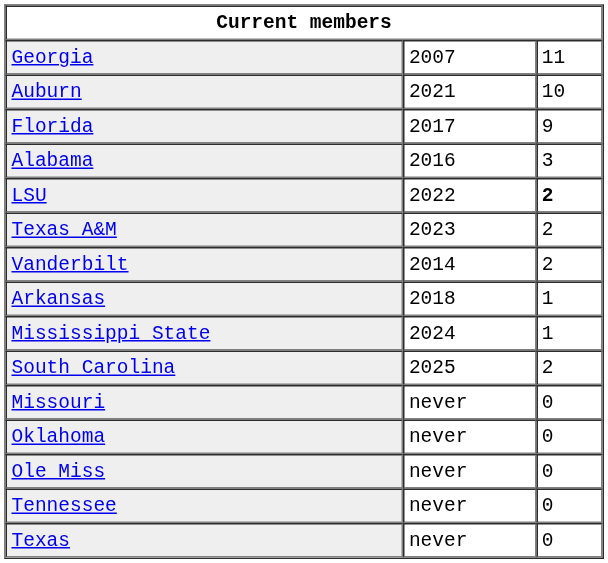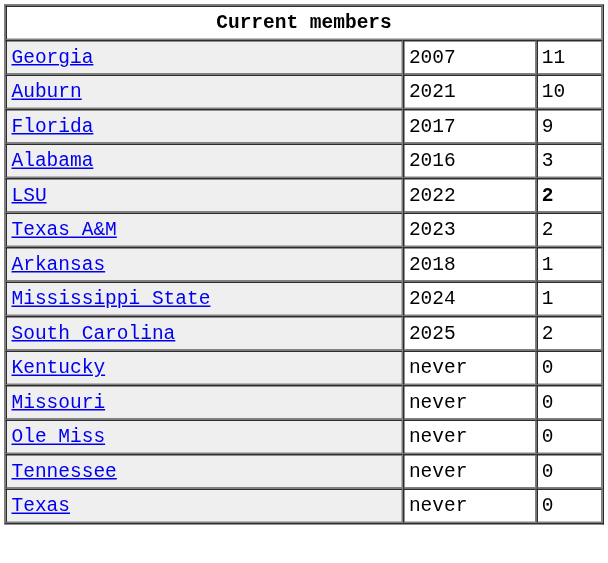 <table border="1" cellpadding="3" cellspacing="0" align="right" width="400px">
 <tr>
 </tr>
 <tr>
 <td colspan=3 align="center"><strong>Current members</strong></td>
 </tr>
 <tr>
 <td bgcolor="#efefef"><a href='#'>Georgia</a></td>
 <td>2007</td>
 <td>11</td>
 </tr>
 <tr>
 <td bgcolor="#efefef"><a href='#'>Auburn</a></td>
 <td>2021</td>
 <td>10</td>
 </tr>
 <tr>
 <td bgcolor="#efefef"><a href='#'>Florida</a></td>
 <td>2017</td>
 <td>9</td>
 </tr>
 <tr>
 <td bgcolor="#efefef"><a href='#'>Alabama</a></td>
 <td>2016</td>
 <td>3</td>
 </tr>
 <tr>
 <td bgcolor=#efefef><a href='#'>LSU</a></td>
 <td>2022</td>
 <td><strong>2</strong></td>
 </tr>
 <tr>
 <td bgcolor="#efefef"><a href='#'>Texas A&M</a></td>
 <td>2023</td>
 <td>2</td>
 </tr>
 <tr>
-<td bgcolor="#efefef"><a href='#'>Vanderbilt</a></td>
-<td>2014</td>
-<td>2</td>
-</tr>
-<tr>
 <td bgcolor="#efefef"><a href='#'>Arkansas</a></td>
 <td>2018</td>
 <td>1</td>
 </tr>
 <tr>
 <td bgcolor=#efefef><a href='#'>Mississippi State</a></td>
 <td>2024</td>
 <td>1</td>
 </tr>
 <tr>
 <td bgcolor="#efefef"><a href='#'>South Carolina</a></td>
 <td>2025</td>
 <td>2</td>
 </tr>
 <tr>
-<td bgcolor="#efefef"><a href='#'>Missouri</a></td>
+<td bgcolor="#efefef"><a href='#'>Kentucky</a></td>
 <td>never</td>
 <td>0</td>
 </tr>
 <tr>
-<td bgcolor="#efefef"><a href='#'>Oklahoma</a></td>
+<td bgcolor="#efefef"><a href='#'>Missouri</a></td>
 <td>never</td>
 <td>0</td>
 </tr>
 <tr>
 <td bgcolor="#efefef"><a href='#'>Ole Miss</a></td>
 <td>never</td>
 <td>0</td>
 </tr>
 <tr>
 <td bgcolor="#efefef"><a href='#'>Tennessee</a></td>
 <td>never</td>
 <td>0</td>
 </tr>
 <tr>
 <td bgcolor="#efefef"><a href='#'>Texas</a></td>
 <td>never</td>
 <td>0</td>
 </tr>
 </table>
